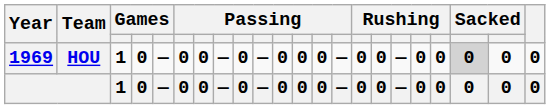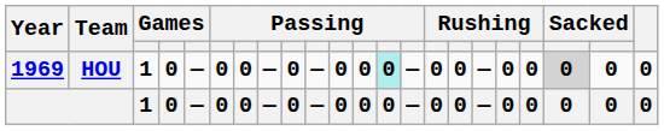 <table class="wikitable" style="text-align:center;">
 <tr>
 <th rowspan="2">Year</th>
 <th rowspan="2">Team</th>
 <th colspan="3">Games</th>
 <th colspan="9">Passing</th>
 <th colspan="5">Rushing</th>
 <th colspan="2">Sacked</th>
 <th rowspan="2"></th>
 </tr>
 <tr>
 <th></th>
 <th></th>
 <th></th>
 <th></th>
 <th></th>
 <th></th>
 <th></th>
 <th></th>
 <th></th>
 <th></th>
 <th></th>
 <th></th>
 <th></th>
 <th></th>
 <th></th>
 <th></th>
 <th></th>
 <th></th>
 <th></th>
 </tr>
 <tr>
 <th><a href='#'>1969</a></th>
 <th><a href='#'>HOU</a></th>
 <td><strong>1</strong></td>
 <td><strong>0</strong></td>
 <td><strong>—</strong></td>
 <td><strong>0</strong></td>
 <td><strong>0</strong></td>
 <td><strong>—</strong></td>
 <td><strong>0</strong></td>
 <td><strong>—</strong></td>
 <td><strong>0</strong></td>
 <td><strong>0</strong></td>
-<td><strong>0</strong></td>
+<td style="background: paleturquoise;"><strong>0</strong></td>
 <td><strong>—</strong></td>
 <td><strong>0</strong></td>
 <td><strong>0</strong></td>
 <td><strong>—</strong></td>
 <td><strong>0</strong></td>
 <td><strong>0</strong></td>
 <td style="background: lightgrey;"><strong>0</strong></td>
 <td><strong>0</strong></td>
 <td><strong>0</strong></td>
 </tr>
 <tr>
 <th colspan="2"></th>
 <th>1</th>
 <th>0</th>
 <th>—</th>
 <th>0</th>
 <th>0</th>
 <th>—</th>
 <th>0</th>
 <th>—</th>
 <th>0</th>
 <th>0</th>
 <th>0</th>
 <th>—</th>
 <th>0</th>
 <th>0</th>
 <th>—</th>
 <th>0</th>
 <th>0</th>
 <th>0</th>
 <th>0</th>
 <th>0</th>
 </tr>
 </table>
